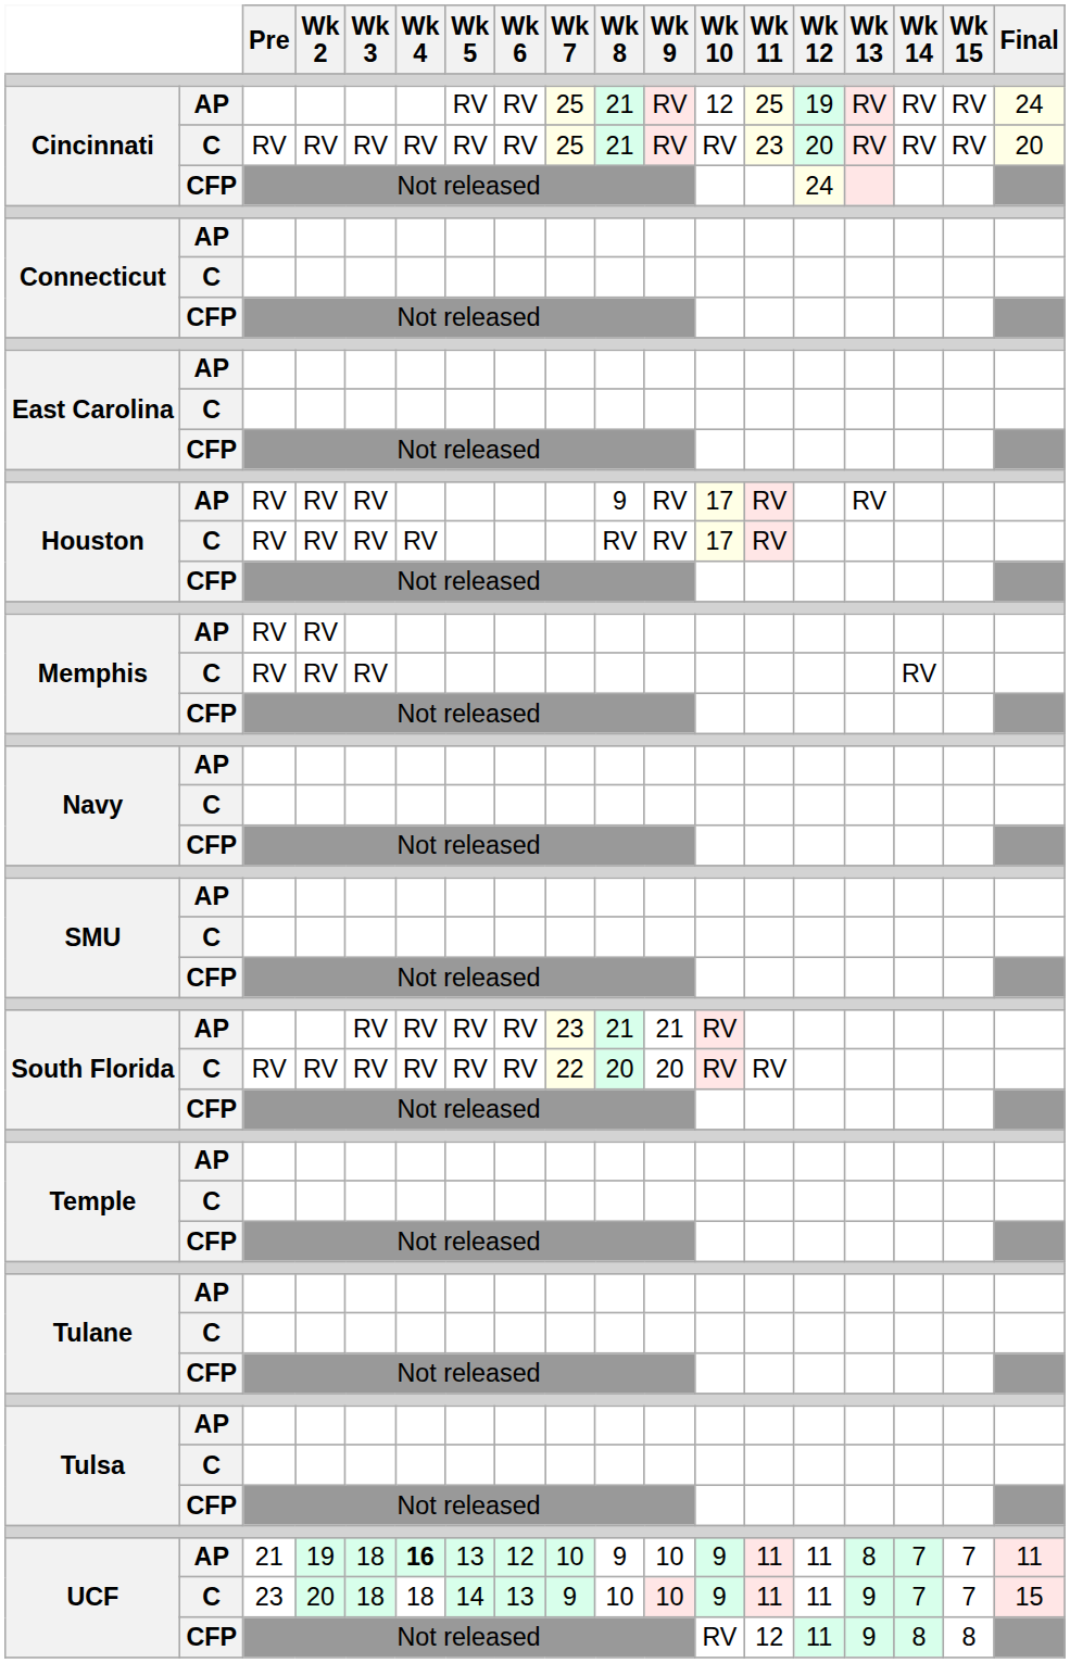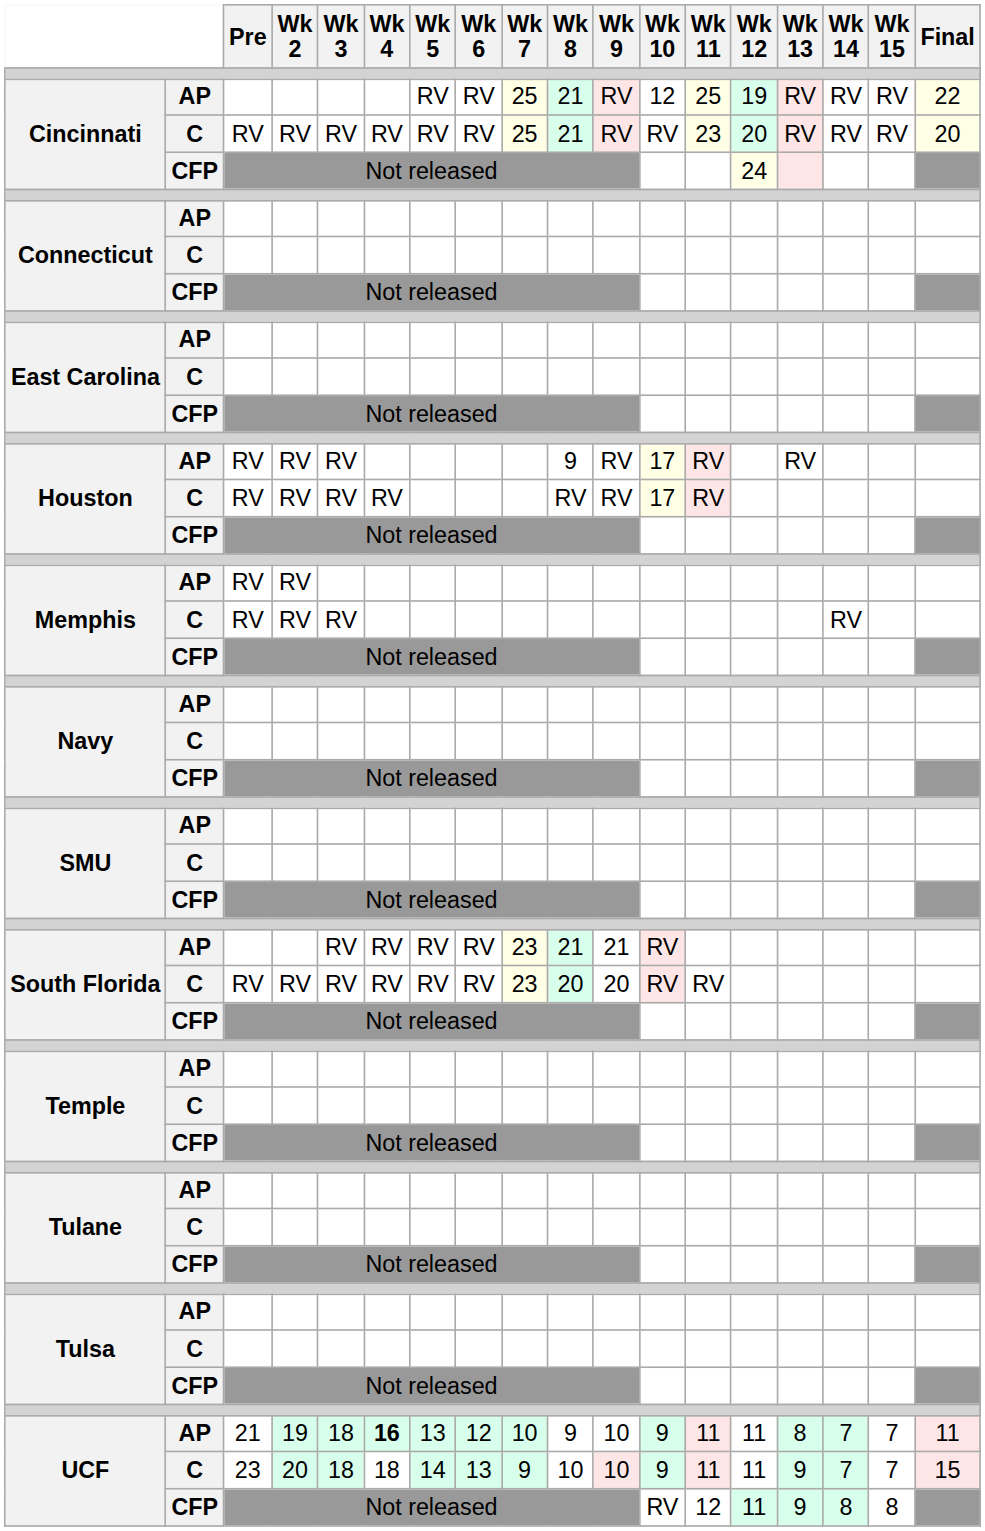 <table class="wikitable" style="white-space:nowrap;font-size:90%;">
 <tr>
 <th colspan=2 style="background:white; border-top-style:hidden; border-left-style:hidden;"> </th>
 <th>Pre</th>
 <th>Wk<br>2</th>
 <th>Wk<br>3</th>
 <th>Wk<br>4</th>
 <th>Wk<br>5</th>
 <th>Wk<br>6</th>
 <th>Wk<br>7</th>
 <th>Wk<br>8</th>
 <th>Wk<br>9</th>
 <th>Wk<br>10</th>
 <th>Wk<br>11</th>
 <th>Wk<br>12</th>
 <th>Wk<br>13</th>
 <th>Wk<br>14</th>
 <th>Wk<br>15</th>
 <th>Final</th>
 </tr>
 <tr style="text-align:center;">
 <th colspan="19" style="background:lightgrey;"></th>
 </tr>
 <tr style="text-align:center;">
 <th rowspan=3>Cincinnati</th>
 <th>AP</th>
 <td style="background:#FFF;"></td>
 <td style="background:#FFF;"></td>
 <td style="background:#FFF;"></td>
 <td style="background:#FFF;"></td>
 <td style="background:#FFF;">RV</td>
 <td style="background:#FFF;">RV</td>
 <td style="background:#ffffe6;">25</td>
 <td style="background:#d8ffeb;">21</td>
 <td style="background:#ffe6e6;">RV</td>
 <td style="background:#FFF;">12</td>
 <td style="background:#ffffe6;">25</td>
 <td style="background:#d8ffeb;">19</td>
 <td style="background:#ffe6e6;">RV</td>
 <td style="background:#FFF;">RV</td>
 <td style="background:#FFF;">RV</td>
-<td style="background:#ffffe6;">24</td>
+<td style="background:#ffffe6;">22</td>
 </tr>
 <tr style="text-align:center;">
 <th>C</th>
 <td style="background:#FFF;">RV</td>
 <td style="background:#FFF;">RV</td>
 <td style="background:#FFF;">RV</td>
 <td style="background:#FFF;">RV</td>
 <td style="background:#FFF;">RV</td>
 <td style="background:#FFF;">RV</td>
 <td style="background:#ffffe6;">25</td>
 <td style="background:#d8ffeb;">21</td>
 <td style="background:#ffe6e6;">RV</td>
 <td style="background:#FFF;">RV</td>
 <td style="background:#ffffe6;">23</td>
 <td style="background:#d8ffeb;">20</td>
 <td style="background:#ffe6e6;">RV</td>
 <td style="background:#FFF;">RV</td>
 <td style="background:#FFF;">RV</td>
 <td style="background:#ffffe6">20</td>
 </tr>
 <tr style="text-align:center;">
 <th>CFP</th>
 <td colspan="9" style="background:#999;">Not released</td>
 <td style="background:#FFF;"></td>
 <td style="background:#FFF;"></td>
 <td style="background:#ffffe6;">24</td>
 <td style="background:#ffe6e6;"></td>
 <td style="background:#FFF;"></td>
 <td style="background:#FFF;"></td>
 <td style="background:#999;"></td>
 </tr>
 <tr>
 <th colspan="19" style="background:lightgrey;"></th>
 </tr>
 <tr style="text-align:center;">
 <th rowspan=3>Connecticut</th>
 <th>AP</th>
 <td style="background:#FFF;"></td>
 <td style="background:#FFF;"></td>
 <td style="background:#FFF;"></td>
 <td style="background:#FFF;"></td>
 <td style="background:#FFF;"></td>
 <td style="background:#FFF;"></td>
 <td style="background:#FFF;"></td>
 <td style="background:#FFF;"></td>
 <td style="background:#FFF;"></td>
 <td style="background:#FFF;"></td>
 <td style="background:#FFF;"></td>
 <td style="background:#FFF;"></td>
 <td style="background:#FFF;"></td>
 <td style="background:#FFF;"></td>
 <td style="background:#FFF;"></td>
 <td style="background:#FFF;"></td>
 </tr>
 <tr style="text-align:center;">
 <th>C</th>
 <td style="background:#FFF;"></td>
 <td style="background:#FFF;"></td>
 <td style="background:#FFF;"></td>
 <td style="background:#FFF;"></td>
 <td style="background:#FFF;"></td>
 <td style="background:#FFF;"></td>
 <td style="background:#FFF;"></td>
 <td style="background:#FFF;"></td>
 <td style="background:#FFF;"></td>
 <td style="background:#FFF;"></td>
 <td style="background:#FFF;"></td>
 <td style="background:#FFF;"></td>
 <td style="background:#FFF;"></td>
 <td style="background:#FFF;"></td>
 <td style="background:#FFF;"></td>
 <td style="background:#FFF;"></td>
 </tr>
 <tr style="text-align:center;">
 <th>CFP</th>
 <td colspan="9" style="background:#999;">Not released</td>
 <td style="background:#FFF;"></td>
 <td style="background:#FFF;"></td>
 <td style="background:#FFF;"></td>
 <td style="background:#FFF;"></td>
 <td style="background:#FFF;"></td>
 <td style="background:#FFF;"></td>
 <td style="background:#999;"></td>
 </tr>
 <tr>
 <th colspan="19" style="background:lightgrey;"></th>
 </tr>
 <tr style="text-align:center;">
 <th rowspan=3>East Carolina</th>
 <th>AP</th>
 <td style="background:#FFF;"></td>
 <td style="background:#FFF;"></td>
 <td style="background:#FFF;"></td>
 <td style="background:#FFF;"></td>
 <td style="background:#FFF;"></td>
 <td style="background:#FFF;"></td>
 <td style="background:#FFF;"></td>
 <td style="background:#FFF;"></td>
 <td style="background:#FFF;"></td>
 <td style="background:#FFF;"></td>
 <td style="background:#FFF;"></td>
 <td style="background:#FFF;"></td>
 <td style="background:#FFF;"></td>
 <td style="background:#FFF;"></td>
 <td style="background:#FFF;"></td>
 <td style="background:#FFF;"></td>
 </tr>
 <tr style="text-align:center;">
 <th>C</th>
 <td style="background:#FFF;"></td>
 <td style="background:#FFF;"></td>
 <td style="background:#FFF;"></td>
 <td style="background:#FFF;"></td>
 <td style="background:#FFF;"></td>
 <td style="background:#FFF;"></td>
 <td style="background:#FFF;"></td>
 <td style="background:#FFF;"></td>
 <td style="background:#FFF;"></td>
 <td style="background:#FFF;"></td>
 <td style="background:#FFF;"></td>
 <td style="background:#FFF;"></td>
 <td style="background:#FFF;"></td>
 <td style="background:#FFF;"></td>
 <td style="background:#FFF;"></td>
 <td style="background:#FFF;"></td>
 </tr>
 <tr style="text-align:center;">
 <th>CFP</th>
 <td colspan="9" style="background:#999;">Not released</td>
 <td style="background:#FFF;"></td>
 <td style="background:#FFF;"></td>
 <td style="background:#FFF;"></td>
 <td style="background:#FFF;"></td>
 <td style="background:#FFF;"></td>
 <td style="background:#FFF;"></td>
 <td style="background:#999;"></td>
 </tr>
 <tr>
 <th colspan="19" style="background:lightgrey;"></th>
 </tr>
 <tr style="text-align:center;">
 <th rowspan=3>Houston</th>
 <th>AP</th>
 <td style="background:#FFF;">RV</td>
 <td style="background:#FFF;">RV</td>
 <td style="background:#FFF;">RV</td>
 <td style="background:#FFF;"></td>
 <td style="background:#FFF;"></td>
 <td style="background:#FFF;"></td>
 <td style="background:#FFF;"></td>
 <td style="background:#FFF;">9</td>
 <td style="background:#FFF;">RV</td>
 <td style="background:#ffffe6;">17</td>
 <td style="background:#ffe6e6;">RV</td>
 <td style="background:#FFF;"></td>
 <td style="background:#FFF;">RV</td>
 <td style="background:#FFF;"></td>
 <td style="background:#FFF;"></td>
 <td style="background:#FFF;"></td>
 </tr>
 <tr style="text-align:center;">
 <th>C</th>
 <td style="background:#FFF;">RV</td>
 <td style="background:#FFF;">RV</td>
 <td style="background:#FFF;">RV</td>
 <td style="background:#FFF;">RV</td>
 <td style="background:#FFF;"></td>
 <td style="background:#FFF;"></td>
 <td style="background:#FFF;"></td>
 <td style="background:#FFF;">RV</td>
 <td style="background:#FFF;">RV</td>
 <td style="background:#ffffe6;">17</td>
 <td style="background:#ffe6e6;">RV</td>
 <td style="background:#FFF;"></td>
 <td style="background:#FFF;"></td>
 <td style="background:#FFF;"></td>
 <td style="background:#FFF;"></td>
 <td style="background:#FFF;"></td>
 </tr>
 <tr style="text-align:center;">
 <th>CFP</th>
 <td colspan="9" style="background:#999;">Not released</td>
 <td style="background:#FFF;"></td>
 <td style="background:#FFF;"></td>
 <td style="background:#FFF;"></td>
 <td style="background:#FFF;"></td>
 <td style="background:#FFF;"></td>
 <td style="background:#FFF;"></td>
 <td style="background:#999;"></td>
 </tr>
 <tr>
 <th colspan="19" style="background:lightgrey;"></th>
 </tr>
 <tr style="text-align:center;">
 <th rowspan=3>Memphis</th>
 <th>AP</th>
 <td style="background:#FFF;">RV</td>
 <td style="background:#FFF;">RV</td>
 <td style="background:#FFF;"></td>
 <td style="background:#FFF;"></td>
 <td style="background:#FFF;"></td>
 <td style="background:#FFF;"></td>
 <td style="background:#FFF;"></td>
 <td style="background:#FFF;"></td>
 <td style="background:#FFF;"></td>
 <td style="background:#FFF;"></td>
 <td style="background:#FFF;"></td>
 <td style="background:#FFF;"></td>
 <td style="background:#FFF;"></td>
 <td style="background:#FFF;"></td>
 <td style="background:#FFF;"></td>
 <td style="background:#FFF;"></td>
 </tr>
 <tr style="text-align:center;">
 <th>C</th>
 <td style="background:#FFF;">RV</td>
 <td style="background:#FFF;">RV</td>
 <td style="background:#FFF;">RV</td>
 <td style="background:#FFF;"></td>
 <td style="background:#FFF;"></td>
 <td style="background:#FFF;"></td>
 <td style="background:#FFF;"></td>
 <td style="background:#FFF;"></td>
 <td style="background:#FFF;"></td>
 <td style="background:#FFF;"></td>
 <td style="background:#FFF;"></td>
 <td style="background:#FFF;"></td>
 <td style="background:#FFF;"></td>
 <td style="background:#FFF;">RV</td>
 <td style="background:#FFF;"></td>
 <td style="background:#FFF;"></td>
 </tr>
 <tr style="text-align:center;">
 <th>CFP</th>
 <td colspan="9" style="background:#999;">Not released</td>
 <td style="background:#FFF;"></td>
 <td style="background:#FFF;"></td>
 <td style="background:#FFF;"></td>
 <td style="background:#FFF;"></td>
 <td style="background:#FFF;"></td>
 <td style="background:#FFF;"></td>
 <td style="background:#999;"></td>
 </tr>
 <tr>
 <th colspan="19" style="background:lightgrey;"></th>
 </tr>
 <tr style="text-align:center;">
 <th rowspan=3>Navy</th>
 <th>AP</th>
 <td style="background:#FFF;"></td>
 <td style="background:#FFF;"></td>
 <td style="background:#FFF;"></td>
 <td style="background:#FFF;"></td>
 <td style="background:#FFF;"></td>
 <td style="background:#FFF;"></td>
 <td style="background:#FFF;"></td>
 <td style="background:#FFF;"></td>
 <td style="background:#FFF;"></td>
 <td style="background:#FFF;"></td>
 <td style="background:#FFF;"></td>
 <td style="background:#FFF;"></td>
 <td style="background:#FFF;"></td>
 <td style="background:#FFF;"></td>
 <td style="background:#FFF;"></td>
 <td style="background:#FFF;"></td>
 </tr>
 <tr style="text-align:center;">
 <th>C</th>
 <td style="background:#FFF;"></td>
 <td style="background:#FFF;"></td>
 <td style="background:#FFF;"></td>
 <td style="background:#FFF;"></td>
 <td style="background:#FFF;"></td>
 <td style="background:#FFF;"></td>
 <td style="background:#FFF;"></td>
 <td style="background:#FFF;"></td>
 <td style="background:#FFF;"></td>
 <td style="background:#FFF;"></td>
 <td style="background:#FFF;"></td>
 <td style="background:#FFF;"></td>
 <td style="background:#FFF;"></td>
 <td style="background:#FFF;"></td>
 <td style="background:#FFF;"></td>
 <td style="background:#FFF;"></td>
 </tr>
 <tr style="text-align:center;">
 <th>CFP</th>
 <td colspan="9" style="background:#999;">Not released</td>
 <td style="background:#FFF;"></td>
 <td style="background:#FFF;"></td>
 <td style="background:#FFF;"></td>
 <td style="background:#FFF;"></td>
 <td style="background:#FFF;"></td>
 <td style="background:#FFF;"></td>
 <td style="background:#999;"></td>
 </tr>
 <tr>
 <th colspan="19" style="background:lightgrey;"></th>
 </tr>
 <tr style="text-align:center;">
 <th rowspan=3>SMU</th>
 <th>AP</th>
 <td style="background:#FFF;"></td>
 <td style="background:#FFF;"></td>
 <td style="background:#FFF;"></td>
 <td style="background:#FFF;"></td>
 <td style="background:#FFF;"></td>
 <td style="background:#FFF;"></td>
 <td style="background:#FFF;"></td>
 <td style="background:#FFF;"></td>
 <td style="background:#FFF;"></td>
 <td style="background:#FFF;"></td>
 <td style="background:#FFF;"></td>
 <td style="background:#FFF;"></td>
 <td style="background:#FFF;"></td>
 <td style="background:#FFF;"></td>
 <td style="background:#FFF;"></td>
 <td style="background:#FFF;"></td>
 </tr>
 <tr style="text-align:center;">
 <th>C</th>
 <td style="background:#FFF;"></td>
 <td style="background:#FFF;"></td>
 <td style="background:#FFF;"></td>
 <td style="background:#FFF;"></td>
 <td style="background:#FFF;"></td>
 <td style="background:#FFF;"></td>
 <td style="background:#FFF;"></td>
 <td style="background:#FFF;"></td>
 <td style="background:#FFF;"></td>
 <td style="background:#FFF;"></td>
 <td style="background:#FFF;"></td>
 <td style="background:#FFF;"></td>
 <td style="background:#FFF;"></td>
 <td style="background:#FFF;"></td>
 <td style="background:#FFF;"></td>
 <td style="background:#FFF;"></td>
 </tr>
 <tr style="text-align:center;">
 <th>CFP</th>
 <td colspan="9" style="background:#999;">Not released</td>
 <td style="background:#FFF;"></td>
 <td style="background:#FFF;"></td>
 <td style="background:#FFF;"></td>
 <td style="background:#FFF;"></td>
 <td style="background:#FFF;"></td>
 <td style="background:#FFF;"></td>
 <td style="background:#999;"></td>
 </tr>
 <tr>
 <th colspan="19" style="background:lightgrey;"></th>
 </tr>
 <tr style="text-align:center;">
 <th rowspan=3>South Florida</th>
 <th>AP</th>
 <td style="background:#FFF;"></td>
 <td style="background:#FFF;"></td>
 <td style="background:#FFF;">RV</td>
 <td style="background:#FFF;">RV</td>
 <td style="background:#FFF;">RV</td>
 <td style="background:#FFF;">RV</td>
 <td style="background:#ffffe6;">23</td>
 <td style="background:#d8ffeb;">21</td>
 <td style="background:#FFF;">21</td>
 <td style="background:#ffe6e6;">RV</td>
 <td style="background:#FFF;"></td>
 <td style="background:#FFF;"></td>
 <td style="background:#FFF;"></td>
 <td style="background:#FFF;"></td>
 <td style="background:#FFF;"></td>
 <td style="background:#FFF;"></td>
 </tr>
 <tr style="text-align:center;">
 <th>C</th>
 <td style="background:#FFF;">RV</td>
 <td style="background:#FFF;">RV</td>
 <td style="background:#FFF;">RV</td>
 <td style="background:#FFF;">RV</td>
 <td style="background:#FFF;">RV</td>
 <td style="background:#FFF;">RV</td>
-<td style="background:#ffffe6;">22</td>
+<td style="background:#ffffe6;">23</td>
 <td style="background:#d8ffeb;">20</td>
 <td style="background:#FFF;">20</td>
 <td style="background:#ffe6e6;">RV</td>
 <td style="background:#FFF;">RV</td>
 <td style="background:#FFF;"></td>
 <td style="background:#FFF;"></td>
 <td style="background:#FFF;"></td>
 <td style="background:#FFF;"></td>
 <td style="background:#FFF;"></td>
 </tr>
 <tr style="text-align:center;">
 <th>CFP</th>
 <td colspan="9" style="background:#999;">Not released</td>
 <td style="background:#FFF;"></td>
 <td style="background:#FFF;"></td>
 <td style="background:#FFF;"></td>
 <td style="background:#FFF;"></td>
 <td style="background:#FFF;"></td>
 <td style="background:#FFF;"></td>
 <td style="background:#999;"></td>
 </tr>
 <tr>
 <th colspan="19" style="background:lightgrey;"></th>
 </tr>
 <tr style="text-align:center;">
 <th rowspan=3>Temple</th>
 <th>AP</th>
 <td style="background:#FFF;"></td>
 <td style="background:#FFF;"></td>
 <td style="background:#FFF;"></td>
 <td style="background:#FFF;"></td>
 <td style="background:#FFF;"></td>
 <td style="background:#FFF;"></td>
 <td style="background:#FFF;"></td>
 <td style="background:#FFF;"></td>
 <td style="background:#FFF;"></td>
 <td style="background:#FFF;"></td>
 <td style="background:#FFF;"></td>
 <td style="background:#FFF;"></td>
 <td style="background:#FFF;"></td>
 <td style="background:#FFF;"></td>
 <td style="background:#FFF;"></td>
 <td style="background:#FFF;"></td>
 </tr>
 <tr style="text-align:center;">
 <th>C</th>
 <td style="background:#FFF;"></td>
 <td style="background:#FFF;"></td>
 <td style="background:#FFF;"></td>
 <td style="background:#FFF;"></td>
 <td style="background:#FFF;"></td>
 <td style="background:#FFF;"></td>
 <td style="background:#FFF;"></td>
 <td style="background:#FFF;"></td>
 <td style="background:#FFF;"></td>
 <td style="background:#FFF;"></td>
 <td style="background:#FFF;"></td>
 <td style="background:#FFF;"></td>
 <td style="background:#FFF;"></td>
 <td style="background:#FFF;"></td>
 <td style="background:#FFF;"></td>
 <td style="background:#FFF;"></td>
 </tr>
 <tr style="text-align:center;">
 <th>CFP</th>
 <td colspan="9" style="background:#999;">Not released</td>
 <td style="background:#FFF;"></td>
 <td style="background:#FFF;"></td>
 <td style="background:#FFF;"></td>
 <td style="background:#FFF;"></td>
 <td style="background:#FFF;"></td>
 <td style="background:#FFF;"></td>
 <td style="background:#999;"></td>
 </tr>
 <tr>
 <th colspan="19" style="background:lightgrey;"></th>
 </tr>
 <tr style="text-align:center;">
 <th rowspan=3>Tulane</th>
 <th>AP</th>
 <td style="background:#FFF;"></td>
 <td style="background:#FFF;"></td>
 <td style="background:#FFF;"></td>
 <td style="background:#FFF;"></td>
 <td style="background:#FFF;"></td>
 <td style="background:#FFF;"></td>
 <td style="background:#FFF;"></td>
 <td style="background:#FFF;"></td>
 <td style="background:#FFF;"></td>
 <td style="background:#FFF;"></td>
 <td style="background:#FFF;"></td>
 <td style="background:#FFF;"></td>
 <td style="background:#FFF;"></td>
 <td style="background:#FFF;"></td>
 <td style="background:#FFF;"></td>
 <td style="background:#FFF;"></td>
 </tr>
 <tr style="text-align:center;">
 <th>C</th>
 <td style="background:#FFF;"></td>
 <td style="background:#FFF;"></td>
 <td style="background:#FFF;"></td>
 <td style="background:#FFF;"></td>
 <td style="background:#FFF;"></td>
 <td style="background:#FFF;"></td>
 <td style="background:#FFF;"></td>
 <td style="background:#FFF;"></td>
 <td style="background:#FFF;"></td>
 <td style="background:#FFF;"></td>
 <td style="background:#FFF;"></td>
 <td style="background:#FFF;"></td>
 <td style="background:#FFF;"></td>
 <td style="background:#FFF;"></td>
 <td style="background:#FFF;"></td>
 <td style="background:#FFF;"></td>
 </tr>
 <tr style="text-align:center;">
 <th>CFP</th>
 <td colspan="9" style="background:#999;">Not released</td>
 <td style="background:#FFF;"></td>
 <td style="background:#FFF;"></td>
 <td style="background:#FFF;"></td>
 <td style="background:#FFF;"></td>
 <td style="background:#FFF;"></td>
 <td style="background:#FFF;"></td>
 <td style="background:#999;"></td>
 </tr>
 <tr>
 <th colspan="19" style="background:lightgrey;"></th>
 </tr>
 <tr style="text-align:center;">
 <th rowspan=3>Tulsa</th>
 <th>AP</th>
 <td style="background:#FFF;"></td>
 <td style="background:#FFF;"></td>
 <td style="background:#FFF;"></td>
 <td style="background:#FFF;"></td>
 <td style="background:#FFF;"></td>
 <td style="background:#FFF;"></td>
 <td style="background:#FFF;"></td>
 <td style="background:#FFF;"></td>
 <td style="background:#FFF;"></td>
 <td style="background:#FFF;"></td>
 <td style="background:#FFF;"></td>
 <td style="background:#FFF;"></td>
 <td style="background:#FFF;"></td>
 <td style="background:#FFF;"></td>
 <td style="background:#FFF;"></td>
 <td style="background:#FFF;"></td>
 </tr>
 <tr style="text-align:center;">
 <th>C</th>
 <td style="background:#FFF;"></td>
 <td style="background:#FFF;"></td>
 <td style="background:#FFF;"></td>
 <td style="background:#FFF;"></td>
 <td style="background:#FFF;"></td>
 <td style="background:#FFF;"></td>
 <td style="background:#FFF;"></td>
 <td style="background:#FFF;"></td>
 <td style="background:#FFF;"></td>
 <td style="background:#FFF;"></td>
 <td style="background:#FFF;"></td>
 <td style="background:#FFF;"></td>
 <td style="background:#FFF;"></td>
 <td style="background:#FFF;"></td>
 <td style="background:#FFF;"></td>
 <td style="background:#FFF;"></td>
 </tr>
 <tr style="text-align:center;">
 <th>CFP</th>
 <td colspan="9" style="background:#999;">Not released</td>
 <td style="background:#FFF;"></td>
 <td style="background:#FFF;"></td>
 <td style="background:#FFF;"></td>
 <td style="background:#FFF;"></td>
 <td style="background:#FFF;"></td>
 <td style="background:#FFF;"></td>
 <td style="background:#999;"></td>
 </tr>
 <tr>
 <th colspan="19" style="background:lightgrey;"></th>
 </tr>
 <tr style="text-align:center;">
 <th rowspan=3>UCF</th>
 <th>AP</th>
 <td style="background:#FFF;">21</td>
 <td style="background:#d8ffeb;">19</td>
 <td style="background:#d8ffeb;">18</td>
 <td style="background:#d8ffeb;"><strong>16</strong></td>
 <td style="background:#d8ffeb;">13</td>
 <td style="background:#d8ffeb;">12</td>
 <td style="background:#d8ffeb;">10</td>
 <td style="background:#FFF;">9</td>
 <td style="background:#FFF;">10</td>
 <td style="background:#d8ffeb;">9</td>
 <td style="background:#ffe6e6;">11</td>
 <td style="background:#FFF;">11</td>
 <td style="background:#d8ffeb;">8</td>
 <td style="background:#d8ffeb;">7</td>
 <td style="background:#FFF;">7</td>
 <td style="background:#ffe6e6;">11</td>
 </tr>
 <tr style="text-align:center;">
 <th>C</th>
 <td style="background:#FFF;">23</td>
 <td style="background:#d8ffeb;">20</td>
 <td style="background:#d8ffeb;">18</td>
 <td style="background:#FFF;">18</td>
 <td style="background:#d8ffeb;">14</td>
 <td style="background:#d8ffeb;">13</td>
 <td style="background:#d8ffeb;">9</td>
 <td style="background:#FFF;">10</td>
 <td style="background:#ffe6e6;">10</td>
 <td style="background:#d8ffeb;">9</td>
 <td style="background:#ffe6e6;">11</td>
 <td style="background:#FFF;">11</td>
 <td style="background:#d8ffeb;">9</td>
 <td style="background:#d8ffeb;">7</td>
 <td style="background:#FFF;">7</td>
 <td style="background:#ffe6e6;">15</td>
 </tr>
 <tr style="text-align:center;">
 <th>CFP</th>
 <td colspan="9" style="background:#999;">Not released</td>
 <td style="background:#FFF;">RV</td>
 <td style="background:#FFF;">12</td>
 <td style="background:#d8ffeb;">11</td>
 <td style="background:#d8ffeb;">9</td>
 <td style="background:#d8ffeb;">8</td>
 <td style="background:#FFF;">8</td>
 <td style="background:#999;"></td>
 </tr>
 </table>
